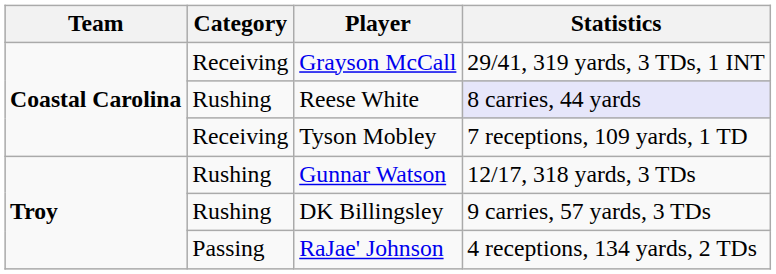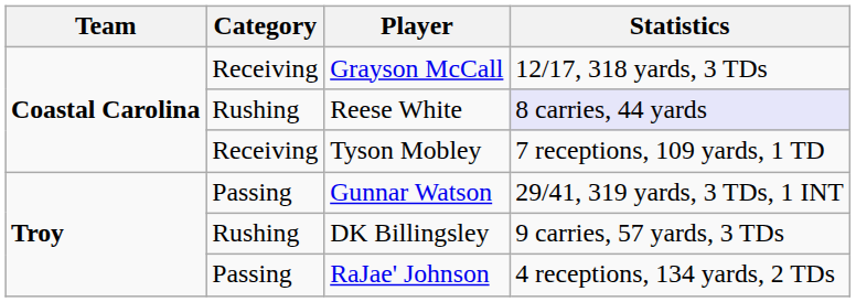 <table class="wikitable" style="float: right;">
 <tr>
 <th>Team</th>
 <th>Category</th>
 <th>Player</th>
 <th>Statistics</th>
 </tr>
 <tr>
 <td rowspan=3><strong>Coastal Carolina</strong></td>
 <td>Receiving</td>
 <td><a href='#'>Grayson McCall</a></td>
-<td>29/41, 319 yards, 3 TDs, 1 INT</td>
+<td>12/17, 318 yards, 3 TDs</td>
 </tr>
 <tr>
 <td>Rushing</td>
 <td>Reese White</td>
 <td style="background: lavender;">8 carries, 44 yards</td>
 </tr>
 <tr>
 <td>Receiving</td>
 <td>Tyson Mobley</td>
 <td>7 receptions, 109 yards, 1 TD</td>
 </tr>
 <tr>
 <td rowspan=3><strong>Troy</strong></td>
-<td>Rushing</td>
+<td>Passing</td>
 <td><a href='#'>Gunnar Watson</a></td>
-<td>12/17, 318 yards, 3 TDs</td>
+<td>29/41, 319 yards, 3 TDs, 1 INT</td>
 </tr>
 <tr>
 <td>Rushing</td>
 <td>DK Billingsley</td>
 <td>9 carries, 57 yards, 3 TDs</td>
 </tr>
 <tr>
 <td>Passing</td>
 <td><a href='#'>RaJae' Johnson</a></td>
 <td>4 receptions, 134 yards, 2 TDs</td>
 </tr>
 </table>
